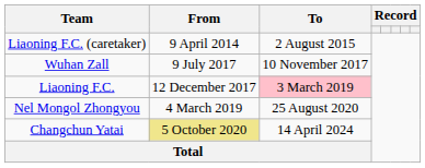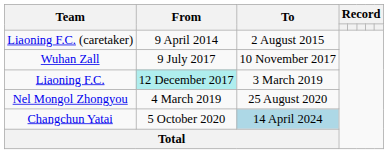 <table class="wikitable" style="text-align: center">
 <tr>
 <th rowspan="2">Team</th>
 <th rowspan="2">From</th>
 <th rowspan="2">To</th>
 <th colspan="5">Record</th>
 </tr>
 <tr>
 <th></th>
 <th></th>
 <th></th>
 <th></th>
 <th></th>
 </tr>
 <tr>
 <td><a href='#'>Liaoning F.C.</a> (caretaker)</td>
 <td>9 April 2014</td>
 <td>2 August 2015<br></td>
 </tr>
 <tr>
 <td><a href='#'>Wuhan Zall</a></td>
 <td>9 July 2017</td>
 <td>10 November 2017<br></td>
 </tr>
 <tr>
 <td><a href='#'>Liaoning F.C.</a></td>
-<td>12 December 2017</td>
-<td style="background: pink;">3 March 2019<br></td>
+<td style="background: paleturquoise;">12 December 2017</td>
+<td>3 March 2019<br></td>
 </tr>
 <tr>
 <td><a href='#'>Nel Mongol Zhongyou</a></td>
 <td>4 March 2019</td>
 <td>25 August 2020<br></td>
 </tr>
 <tr>
 <td><a href='#'>Changchun Yatai</a></td>
-<td style="background: khaki;">5 October 2020</td>
-<td>14 April 2024<br></td>
+<td>5 October 2020</td>
+<td style="background: lightblue;">14 April 2024<br></td>
 </tr>
 <tr>
 <th colspan="3">Total<br></th>
 </tr>
 </table>
